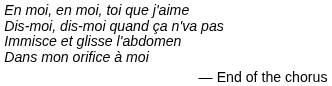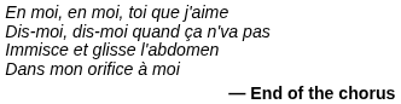 <table class="toccolours" style="float: left; margin-left: 1em; margin-right: 2em; font-size: 85%; background; color:black; width:30em; max-width: 20%;" cellspacing="2">
 <tr>
 <td style="text-align: left;"><br><em>En moi, en moi, toi que j'aime</em><br> <em>Dis-moi, dis-moi quand ça n'va pas</em><br> <em>Immisce et glisse l'abdomen</em><br> <em>Dans mon orifice à moi</em></td>
 </tr>
 <tr>
-<td style="text-align: right;">— End of the chorus</td>
+<td style="text-align: right;"><strong>— End of the chorus</strong></td>
 </tr>
 </table>
